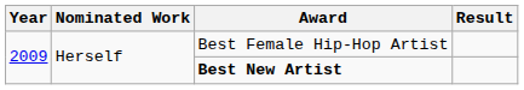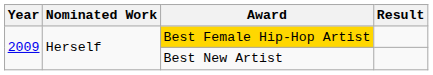 <table class="wikitable">
 <tr>
 <th>Year</th>
 <th>Nominated Work</th>
 <th>Award</th>
 <th>Result</th>
 </tr>
 <tr>
 <td rowspan="2"><a href='#'>2009</a></td>
 <td rowspan="2">Herself</td>
-<td>Best Female Hip-Hop Artist</td>
+<td style="background: gold;">Best Female Hip-Hop Artist</td>
 <td></td>
 </tr>
 <tr>
-<td><strong>Best New Artist</strong></td>
+<td>Best New Artist</td>
 <td></td>
 </tr>
 </table>
